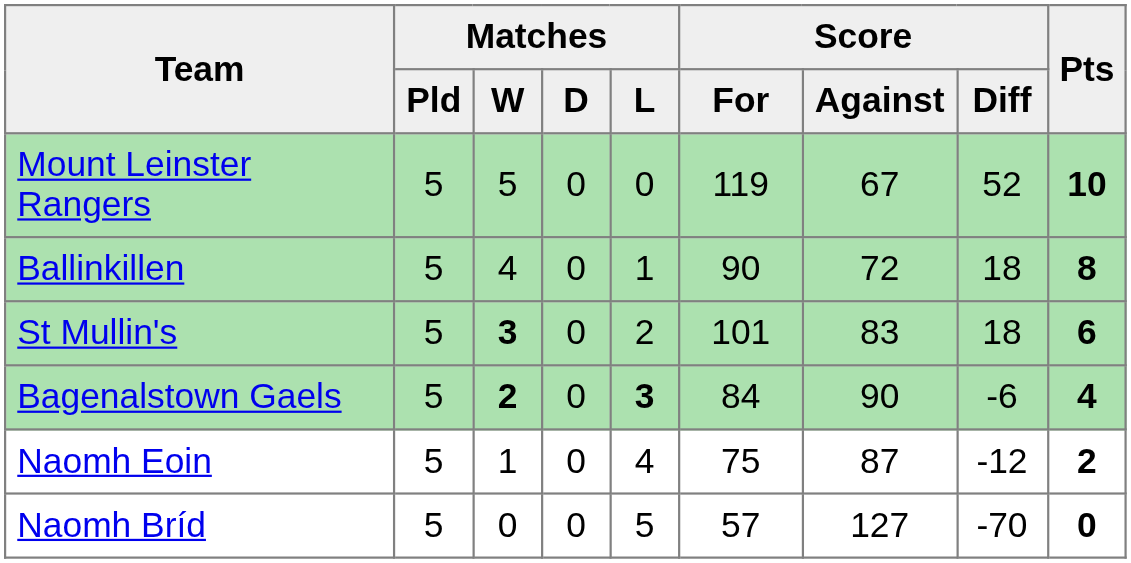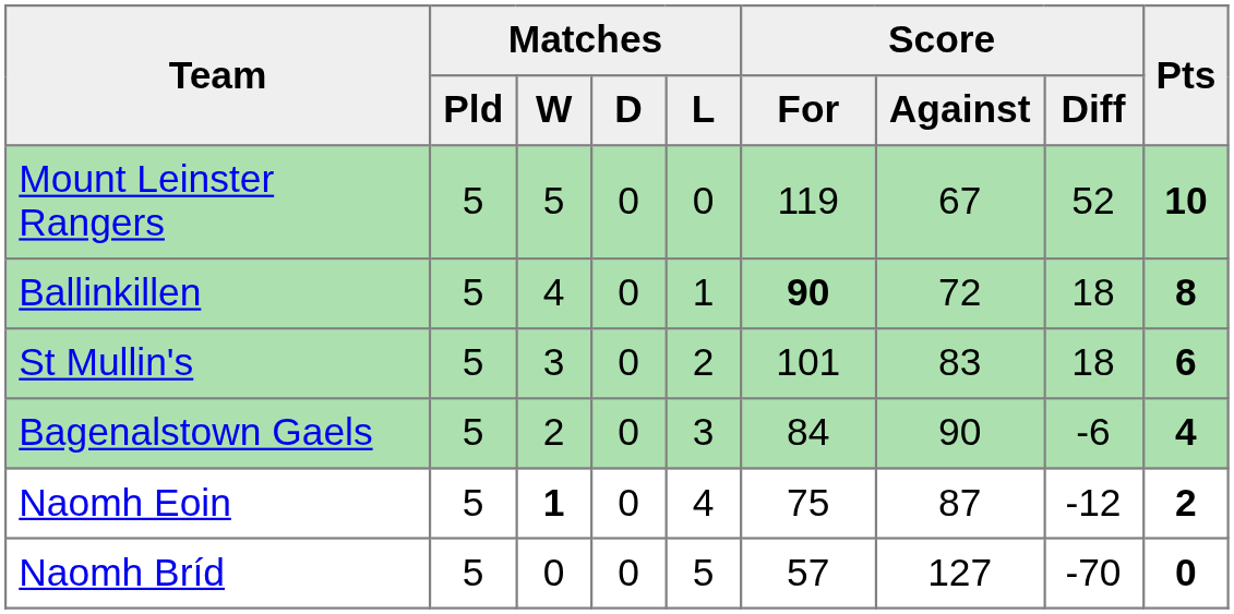 <table style=border-collapse:collapse border=1 cellspacing=0 cellpadding=5>
 <tr align=center bgcolor=#efefef>
 <th rowspan=2 width=165>Team</th>
 <th colspan=4>Matches</th>
 <th colspan=3>Score</th>
 <th rowspan=2width=20>Pts</th>
 </tr>
 <tr align=center bgcolor=#efefef>
 <th width=20>Pld</th>
 <th width=20>W</th>
 <th width=20>D</th>
 <th width=20>L</th>
 <th width=45>For</th>
 <th width=45>Against</th>
 <th width=30>Diff</th>
 </tr>
 <tr align=center style="background:#ACE1AF;">
 <td style="text-align:left;"><a href='#'>Mount Leinster Rangers</a></td>
 <td>5</td>
 <td>5</td>
 <td>0</td>
 <td>0</td>
 <td>119</td>
 <td>67</td>
 <td>52</td>
 <td><strong>10</strong></td>
 </tr>
 <tr align=center style="background:#ACE1AF;">
 <td style="text-align:left;"><a href='#'>Ballinkillen</a></td>
 <td>5</td>
 <td>4</td>
 <td>0</td>
 <td>1</td>
-<td>90</td>
+<td><strong>90</strong></td>
 <td>72</td>
 <td>18</td>
 <td><strong>8</strong></td>
 </tr>
 <tr align=center style="background:#ACE1AF;">
 <td style="text-align:left;"><a href='#'>St Mullin's</a></td>
 <td>5</td>
-<td><strong>3</strong></td>
+<td>3</td>
 <td>0</td>
 <td>2</td>
 <td>101</td>
 <td>83</td>
 <td>18</td>
 <td><strong>6</strong></td>
 </tr>
 <tr align=center style="background:#ACE1AF;">
 <td style="text-align:left;"><a href='#'>Bagenalstown Gaels</a></td>
 <td>5</td>
-<td><strong>2</strong></td>
+<td>2</td>
 <td>0</td>
-<td><strong>3</strong></td>
+<td>3</td>
 <td>84</td>
 <td>90</td>
 <td>-6</td>
 <td><strong>4</strong></td>
 </tr>
 <tr align=center>
 <td style="text-align:left;"><a href='#'>Naomh Eoin</a></td>
 <td>5</td>
-<td>1</td>
+<td><strong>1</strong></td>
 <td>0</td>
 <td>4</td>
 <td>75</td>
 <td>87</td>
 <td>-12</td>
 <td><strong>2</strong></td>
 </tr>
 <tr align=center>
 <td style="text-align:left;"><a href='#'>Naomh Bríd</a></td>
 <td>5</td>
 <td>0</td>
 <td>0</td>
 <td>5</td>
 <td>57</td>
 <td>127</td>
 <td>-70</td>
 <td><strong>0</strong></td>
 </tr>
 </table>
